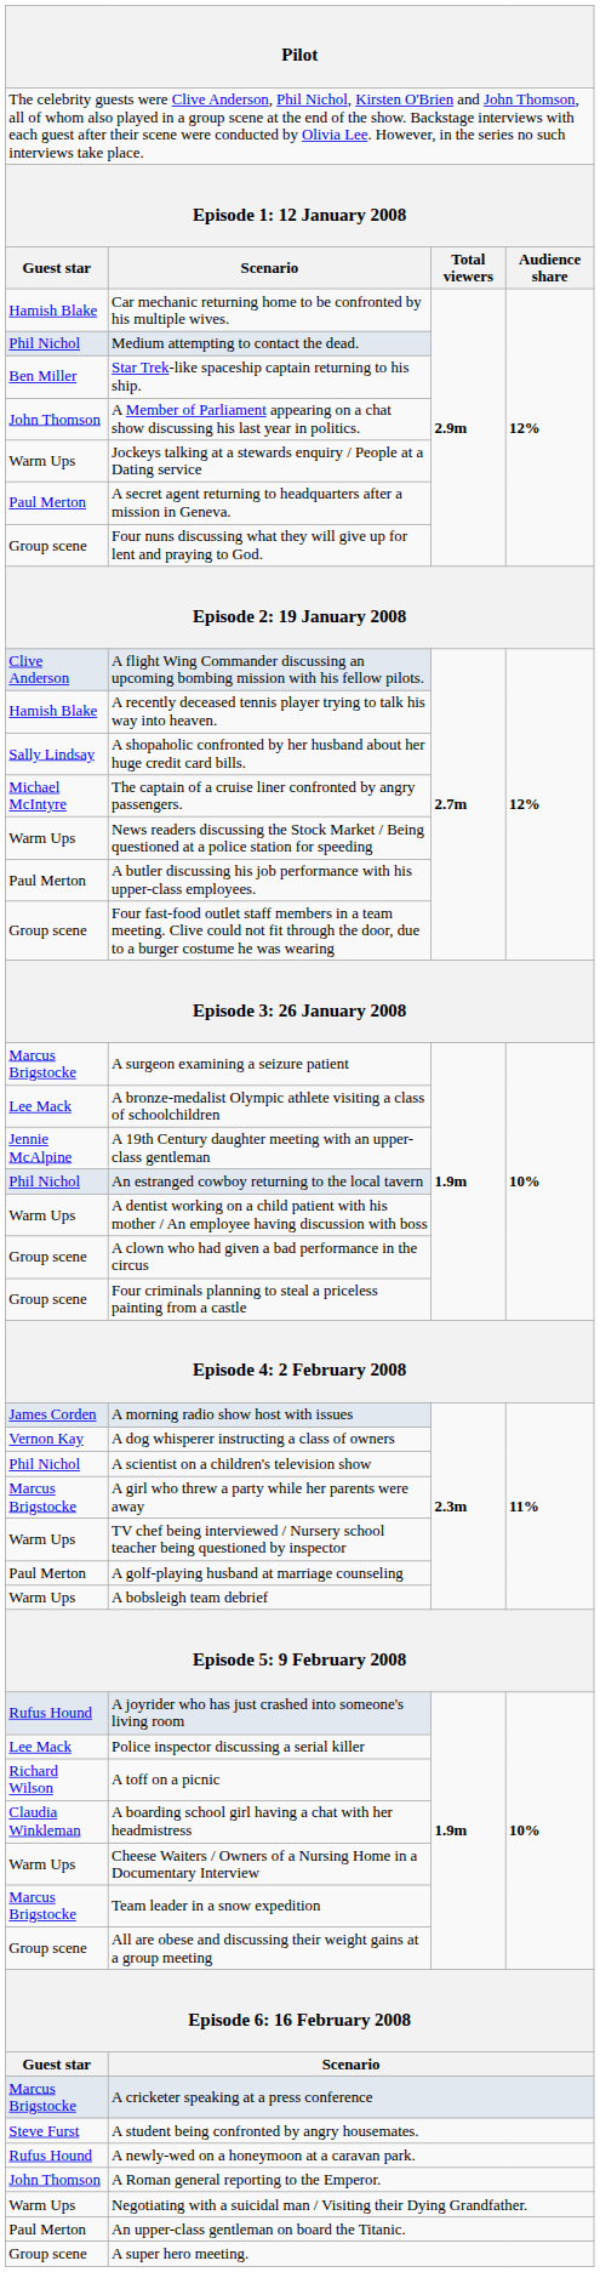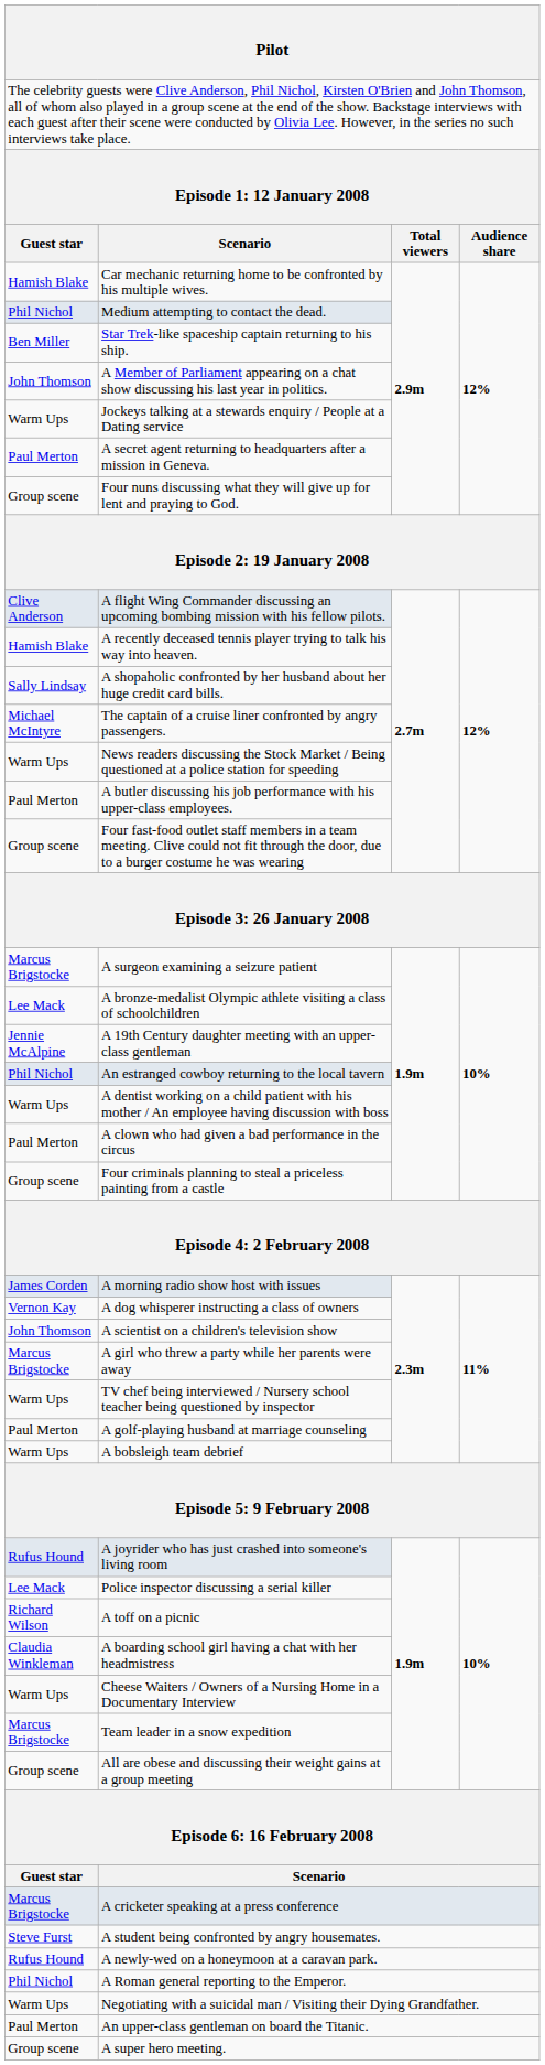 <table class="wikitable">
 <tr>
 <th colspan="4"><br><h3>Pilot</h3></th>
 </tr>
 <tr>
 <td colspan="4">The celebrity guests were <a href='#'>Clive Anderson</a>, <a href='#'>Phil Nichol</a>, <a href='#'>Kirsten O'Brien</a> and <a href='#'>John Thomson</a>, all of whom also played in a group scene at the end of the show. Backstage interviews with each guest after their scene were conducted by <a href='#'>Olivia Lee</a>. However, in the series no such interviews take place.</td>
 </tr>
 <tr>
 <th colspan="4"><br><h3>Episode 1: 12 January 2008</h3></th>
 </tr>
 <tr>
 <th>Guest star</th>
 <th>Scenario</th>
 <th>Total viewers</th>
 <th>Audience share</th>
 </tr>
 <tr>
 <td><a href='#'>Hamish Blake</a></td>
 <td>Car mechanic returning home to be confronted by his multiple wives.</td>
 <td rowspan="7"><strong>2.9m</strong></td>
 <td rowspan="7"><strong>12%</strong></td>
 </tr>
 <tr>
 <td style="background:#E1E8EF;"><a href='#'>Phil Nichol</a></td>
 <td style="background:#E1E8EF;">Medium attempting to contact the dead.</td>
 </tr>
 <tr>
 <td><a href='#'>Ben Miller</a></td>
 <td><a href='#'>Star Trek</a>-like spaceship captain returning to his ship.</td>
 </tr>
 <tr>
 <td><a href='#'>John Thomson</a></td>
 <td>A <a href='#'>Member of Parliament</a> appearing on a chat show discussing his last year in politics.</td>
 </tr>
 <tr>
 <td>Warm Ups</td>
 <td>Jockeys talking at a stewards enquiry / People at a Dating service</td>
 </tr>
 <tr>
 <td><a href='#'>Paul Merton</a></td>
 <td>A secret agent returning to headquarters after a mission in Geneva.</td>
 </tr>
 <tr>
 <td>Group scene</td>
 <td>Four nuns discussing what they will give up for lent and praying to God.</td>
 </tr>
 <tr>
 <th colspan="4"><br><h3>Episode 2: 19 January 2008</h3></th>
 </tr>
 <tr>
 <td style="background:#E1E8EF;"><a href='#'>Clive Anderson</a></td>
 <td style="background:#E1E8EF;">A flight Wing Commander discussing an upcoming bombing mission with his fellow pilots.</td>
 <td rowspan="7"><strong>2.7m</strong></td>
 <td rowspan="7"><strong>12%</strong></td>
 </tr>
 <tr>
 <td><a href='#'>Hamish Blake</a></td>
 <td>A recently deceased tennis player trying to talk his way into heaven.</td>
 </tr>
 <tr>
 <td><a href='#'>Sally Lindsay</a></td>
 <td>A shopaholic confronted by her husband about her huge credit card bills.</td>
 </tr>
 <tr>
 <td><a href='#'>Michael McIntyre</a></td>
 <td>The captain of a cruise liner confronted by angry passengers.</td>
 </tr>
 <tr>
 <td>Warm Ups</td>
 <td>News readers discussing the Stock Market / Being questioned at a police station for speeding</td>
 </tr>
 <tr>
 <td>Paul Merton</td>
 <td>A butler discussing his job performance with his upper-class employees.</td>
 </tr>
 <tr>
 <td>Group scene</td>
 <td>Four fast-food outlet staff members in a team meeting.  Clive could not fit through the door, due to a burger costume he was wearing</td>
 </tr>
 <tr>
 <th colspan="4"><br><h3>Episode 3: 26 January 2008</h3></th>
 </tr>
 <tr>
 <td><a href='#'>Marcus Brigstocke</a></td>
 <td>A surgeon examining a seizure patient</td>
 <td rowspan="7"><strong>1.9m</strong></td>
 <td rowspan="7"><strong>10%</strong></td>
 </tr>
 <tr>
 <td><a href='#'>Lee Mack</a></td>
 <td>A bronze-medalist Olympic athlete visiting a class of schoolchildren</td>
 </tr>
 <tr>
 <td><a href='#'>Jennie McAlpine</a></td>
 <td>A 19th Century daughter meeting with an upper-class gentleman</td>
 </tr>
 <tr>
 <td style="background:#E1E8EF;"><a href='#'>Phil Nichol</a></td>
 <td style="background:#E1E8EF;">An estranged cowboy returning to the local tavern</td>
 </tr>
 <tr>
 <td>Warm Ups</td>
 <td>A dentist working on a child patient with his mother / An employee having discussion with boss</td>
 </tr>
 <tr>
-<td>Group scene</td>
+<td>Paul Merton</td>
 <td>A clown who had given a bad performance in the circus</td>
 </tr>
 <tr>
 <td>Group scene</td>
 <td>Four criminals planning to steal a priceless painting from a castle</td>
 </tr>
 <tr>
 <th colspan="4"><br><h3>Episode 4: 2 February 2008</h3></th>
 </tr>
 <tr>
 <td style="background:#E1E8EF;"><a href='#'>James Corden</a></td>
 <td style="background:#E1E8EF;">A morning radio show host with issues</td>
 <td rowspan="7"><strong>2.3m</strong></td>
 <td rowspan="7"><strong>11%</strong></td>
 </tr>
 <tr>
 <td><a href='#'>Vernon Kay</a></td>
 <td>A dog whisperer instructing a class of owners</td>
 </tr>
 <tr>
-<td><a href='#'>Phil Nichol</a></td>
+<td><a href='#'>John Thomson</a></td>
 <td>A scientist on a children's television show</td>
 </tr>
 <tr>
 <td><a href='#'>Marcus Brigstocke</a></td>
 <td>A girl who threw a party while her parents were away</td>
 </tr>
 <tr>
 <td>Warm Ups</td>
 <td>TV chef being interviewed / Nursery school teacher being questioned by inspector</td>
 </tr>
 <tr>
 <td>Paul Merton</td>
 <td>A golf-playing husband at marriage counseling</td>
 </tr>
 <tr>
 <td>Warm Ups</td>
 <td>A bobsleigh team debrief</td>
 </tr>
 <tr>
 <th colspan="4"><br><h3>Episode 5: 9 February 2008</h3></th>
 </tr>
 <tr>
 <td style="background:#E1E8EF;"><a href='#'>Rufus Hound</a></td>
 <td style="background:#E1E8EF;">A joyrider who has just crashed into someone's living room</td>
 <td rowspan="7"><strong>1.9m</strong></td>
 <td rowspan="7"><strong>10%</strong></td>
 </tr>
 <tr>
 <td><a href='#'>Lee Mack</a></td>
 <td>Police inspector discussing a serial killer</td>
 </tr>
 <tr>
 <td><a href='#'>Richard Wilson</a></td>
 <td>A toff on a picnic</td>
 </tr>
 <tr>
 <td><a href='#'>Claudia Winkleman</a></td>
 <td>A boarding school girl having a chat with her headmistress</td>
 </tr>
 <tr>
 <td>Warm Ups</td>
 <td>Cheese Waiters / Owners of a Nursing Home in a Documentary Interview</td>
 </tr>
 <tr>
 <td><a href='#'>Marcus Brigstocke</a></td>
 <td>Team leader in a snow expedition</td>
 </tr>
 <tr>
 <td>Group scene</td>
 <td>All are obese and discussing their weight gains at a group meeting</td>
 </tr>
 <tr>
 <th colspan="4"><br><h3>Episode 6: 16 February 2008</h3></th>
 </tr>
 <tr>
 <th>Guest star</th>
 <th colspan="3">Scenario</th>
 </tr>
 <tr>
 <td style="background:#E1E8EF;"><a href='#'>Marcus Brigstocke</a></td>
 <td style="background:#E1E8EF;" colspan="3">A cricketer speaking at a press conference</td>
 </tr>
 <tr>
 <td><a href='#'>Steve Furst</a></td>
 <td colspan="3">A student being confronted by angry housemates.</td>
 </tr>
 <tr>
 <td><a href='#'>Rufus Hound</a></td>
 <td colspan="3">A newly-wed on a honeymoon at a caravan park.</td>
 </tr>
 <tr>
-<td><a href='#'>John Thomson</a></td>
+<td><a href='#'>Phil Nichol</a></td>
 <td colspan="3">A Roman general reporting to the Emperor.</td>
 </tr>
 <tr>
 <td>Warm Ups</td>
 <td colspan="3">Negotiating with a suicidal man / Visiting their Dying Grandfather.</td>
 </tr>
 <tr>
 <td>Paul Merton</td>
 <td colspan="3">An upper-class gentleman on board the Titanic.</td>
 </tr>
 <tr>
 <td>Group scene</td>
 <td colspan="3">A super hero meeting.</td>
 </tr>
 </table>
